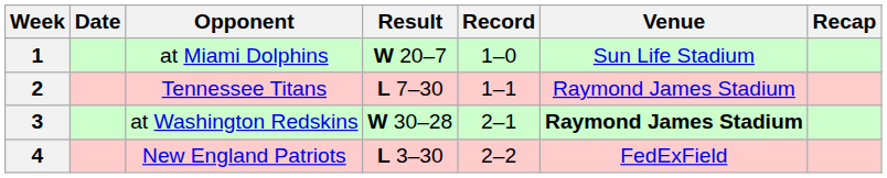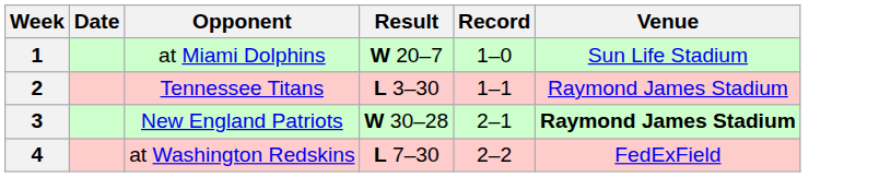 <table class="wikitable" style="text-align:center">
 <tr>
 <th>Week</th>
 <th>Date</th>
 <th>Opponent</th>
 <th>Result</th>
 <th>Record</th>
 <th>Venue</th>
-<th>Recap</th>
 </tr>
 <tr style="background:#cfc; text-align:center;">
 <th>1</th>
 <td></td>
 <td>at <a href='#'>Miami Dolphins</a></td>
 <td><strong>W</strong> 20–7</td>
 <td>1–0</td>
 <td><a href='#'>Sun Life Stadium</a></td>
-<td></td>
 </tr>
 <tr style="background:#fcc; text-align:center;">
 <th>2</th>
 <td></td>
 <td><a href='#'>Tennessee Titans</a></td>
-<td><strong>L</strong> 7–30</td>
+<td><strong>L</strong> 3–30</td>
 <td>1–1</td>
 <td><a href='#'>Raymond James Stadium</a></td>
-<td></td>
 </tr>
 <tr style="background:#cfc; text-align:center;">
 <th>3</th>
 <td></td>
-<td>at <a href='#'>Washington Redskins</a></td>
+<td><a href='#'>New England Patriots</a></td>
 <td><strong>W</strong> 30–28</td>
 <td>2–1</td>
 <td><strong>Raymond James Stadium</strong></td>
-<td></td>
 </tr>
 <tr style="background:#fcc; text-align:center;">
 <th>4</th>
 <td></td>
-<td><a href='#'>New England Patriots</a></td>
-<td><strong>L</strong> 3–30</td>
+<td>at <a href='#'>Washington Redskins</a></td>
+<td><strong>L</strong> 7–30</td>
 <td>2–2</td>
 <td><a href='#'>FedExField</a></td>
-<td></td>
 </tr>
 </table>
